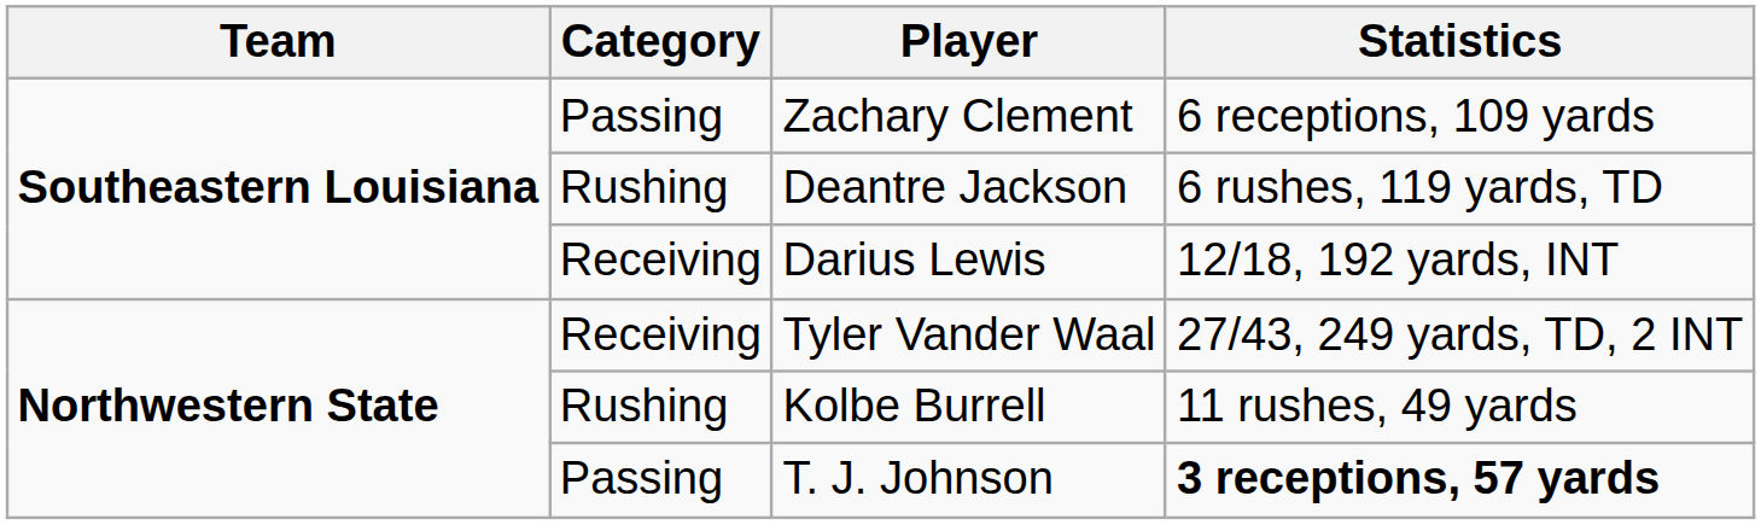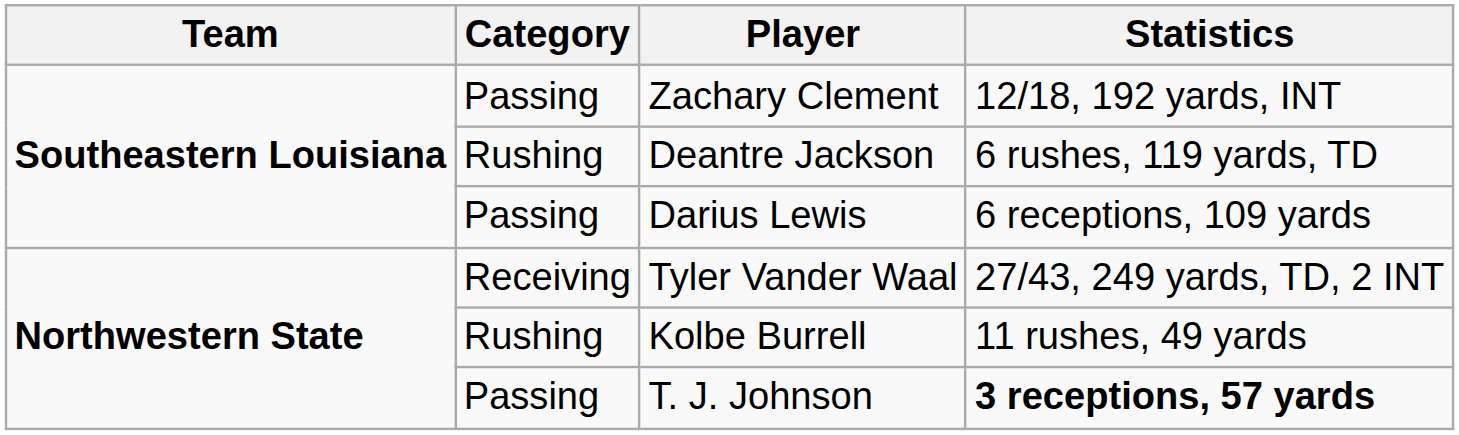 <table class="wikitable" style="float: right;">
 <tr>
 <th>Team</th>
 <th>Category</th>
 <th>Player</th>
 <th>Statistics</th>
 </tr>
 <tr>
 <td rowspan=3><strong>Southeastern Louisiana</strong></td>
 <td>Passing</td>
 <td>Zachary Clement</td>
-<td>6 receptions, 109 yards</td>
+<td>12/18, 192 yards, INT</td>
 </tr>
 <tr>
 <td>Rushing</td>
 <td>Deantre Jackson</td>
 <td>6 rushes, 119 yards, TD</td>
 </tr>
 <tr>
-<td>Receiving</td>
+<td>Passing</td>
 <td>Darius Lewis</td>
-<td>12/18, 192 yards, INT</td>
+<td>6 receptions, 109 yards</td>
 </tr>
 <tr>
 <td rowspan=3><strong>Northwestern State</strong></td>
 <td>Receiving</td>
 <td>Tyler Vander Waal</td>
 <td>27/43, 249 yards, TD, 2 INT</td>
 </tr>
 <tr>
 <td>Rushing</td>
 <td>Kolbe Burrell</td>
 <td>11 rushes, 49 yards</td>
 </tr>
 <tr>
 <td>Passing</td>
 <td>T. J. Johnson</td>
 <td><strong>3 receptions, 57 yards</strong></td>
 </tr>
 </table>
